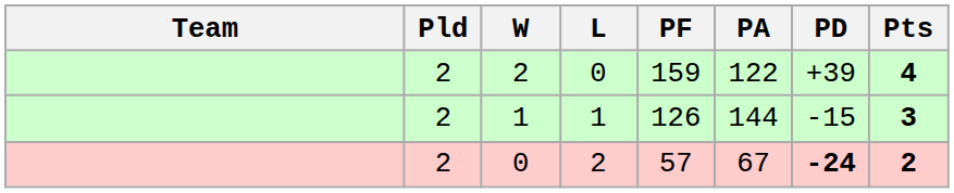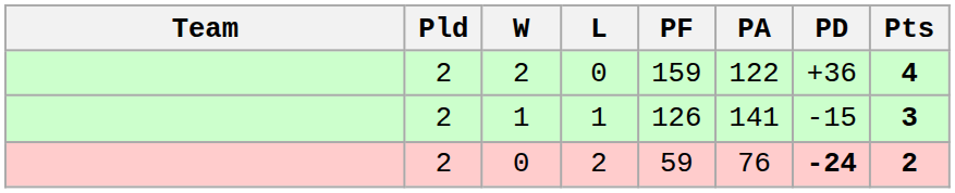 <table class=wikitable style="text-align:center">
 <tr>
 <th width=180>Team</th>
 <th width=30>Pld</th>
 <th width=30>W</th>
 <th width=30>L</th>
 <th width=30>PF</th>
 <th width=30>PA</th>
 <th width=30>PD</th>
 <th width=30>Pts</th>
 </tr>
 <tr bgcolor="#ccffcc">
 <td align=left></td>
 <td>2</td>
 <td>2</td>
 <td>0</td>
 <td>159</td>
 <td>122</td>
-<td>+39</td>
+<td>+36</td>
 <td><strong>4</strong></td>
 </tr>
 <tr bgcolor="#ccffcc">
 <td align=left></td>
 <td>2</td>
 <td>1</td>
 <td>1</td>
 <td>126</td>
-<td>144</td>
+<td>141</td>
 <td>-15</td>
 <td><strong>3</strong></td>
 </tr>
 <tr bgcolor="#ffcccc">
 <td align=left></td>
 <td>2</td>
 <td>0</td>
 <td>2</td>
-<td>57</td>
-<td>67</td>
+<td>59</td>
+<td>76</td>
 <td><strong>-24</strong></td>
 <td><strong>2</strong></td>
 </tr>
 </table>
